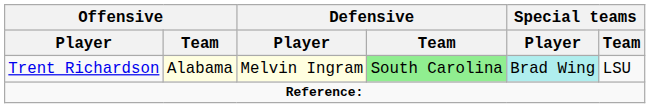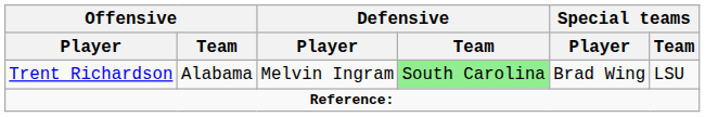 <table class="wikitable" border="1">
 <tr>
 <th colspan="2">Offensive</th>
 <th colspan="2">Defensive</th>
 <th colspan="2">Special teams</th>
 </tr>
 <tr>
 <th>Player</th>
 <th>Team</th>
 <th>Player</th>
 <th>Team</th>
 <th>Player</th>
 <th>Team</th>
 </tr>
 <tr>
 <td><a href='#'>Trent Richardson</a></td>
-<td style="background: lightyellow;">Alabama</td>
-<td style="background: lightyellow;">Melvin Ingram</td>
+<td>Alabama</td>
+<td>Melvin Ingram</td>
 <td style="background: lightgreen;">South Carolina</td>
-<td style="background: paleturquoise;">Brad Wing</td>
+<td>Brad Wing</td>
 <td>LSU</td>
 </tr>
 <tr>
 <td colspan="6" style="font-size: 8pt" align="center"><strong>Reference:</strong></td>
 </tr>
 </table>
